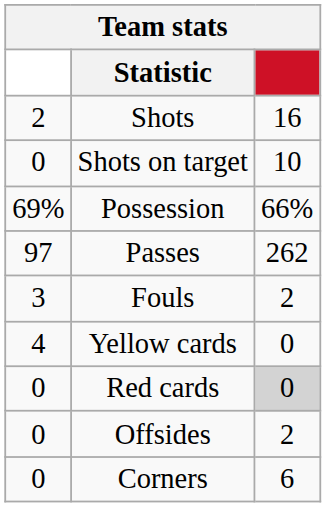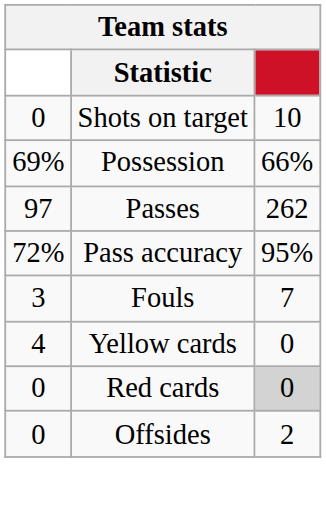 <table class="wikitable" style="margin-left: auto; margin-right: auto; border: none; text-align:center;">
 <tr>
 <th colspan=3>Team stats</th>
 </tr>
 <tr>
 <th style="background: #FFFFFF; color: #005293;"> <a href='#'></a></th>
 <th>Statistic</th>
 <th style="background: #CE1126; color: #FFFFFF;"> <a href='#'></a></th>
-</tr>
-<tr>
-<td>2</td>
-<td>Shots</td>
-<td>16</td>
 </tr>
 <tr>
 <td>0</td>
 <td>Shots on target</td>
 <td>10</td>
 </tr>
 <tr>
 <td>69%</td>
 <td>Possession</td>
 <td>66%</td>
 </tr>
 <tr>
 <td>97</td>
 <td>Passes</td>
 <td>262</td>
 </tr>
 <tr>
+<td>72%</td>
+<td>Pass accuracy</td>
+<td>95%</td>
+</tr>
+<tr>
 <td>3</td>
 <td>Fouls</td>
-<td>2</td>
+<td>7</td>
 </tr>
 <tr>
 <td>4</td>
 <td>Yellow cards</td>
 <td>0</td>
 </tr>
 <tr>
 <td>0</td>
 <td>Red cards</td>
 <td style="background: lightgrey;">0</td>
 </tr>
 <tr>
 <td>0</td>
 <td>Offsides</td>
 <td>2</td>
 </tr>
-<tr>
-<td>0</td>
-<td>Corners</td>
-<td>6</td>
-</tr>
 </table>
